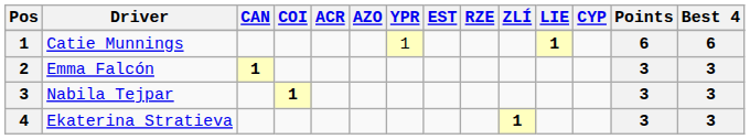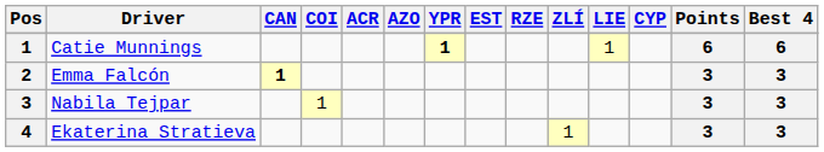 <table class="wikitable" style="font-size: 85%; text-align: center;">
 <tr valign="top">
 <th valign="middle">Pos</th>
 <th valign="middle">Driver</th>
 <th><a href='#'>CAN</a><br></th>
 <th><a href='#'>COI</a><br></th>
 <th><a href='#'>ACR</a><br></th>
 <th><a href='#'>AZO</a><br></th>
 <th><a href='#'>YPR</a><br></th>
 <th><a href='#'>EST</a><br></th>
 <th><a href='#'>RZE</a><br></th>
 <th><a href='#'>ZLÍ</a><br></th>
 <th><a href='#'>LIE</a><br></th>
 <th><a href='#'>CYP</a><br></th>
 <th valign="middle">Points</th>
 <th valign="middle">Best 4</th>
 </tr>
 <tr>
 </tr>
 <tr>
 <th>1</th>
 <td align=left> <a href='#'>Catie Munnings</a></td>
 <td></td>
 <td></td>
 <td></td>
 <td></td>
-<td style="background:#ffffbf;">1</td>
+<td style="background:#ffffbf;"><strong>1</strong></td>
 <td></td>
 <td></td>
 <td></td>
-<td style="background:#ffffbf;"><strong>1</strong></td>
+<td style="background:#ffffbf;">1</td>
 <td></td>
 <th>6</th>
 <th>6</th>
 </tr>
 <tr>
 <th>2</th>
 <td align=left> <a href='#'>Emma Falcón</a></td>
 <td style="background:#ffffbf;"><strong>1</strong></td>
 <td></td>
 <td></td>
 <td></td>
 <td></td>
 <td></td>
 <td></td>
 <td></td>
 <td></td>
 <td></td>
 <th>3</th>
 <th>3</th>
 </tr>
 <tr>
 <th>3</th>
 <td align=left> <a href='#'>Nabila Tejpar</a></td>
 <td></td>
-<td style="background:#ffffbf;"><strong>1</strong></td>
+<td style="background:#ffffbf;">1</td>
 <td></td>
 <td></td>
 <td></td>
 <td></td>
 <td></td>
 <td></td>
 <td></td>
 <td></td>
 <th>3</th>
 <th>3</th>
 </tr>
 <tr>
 <th>4</th>
 <td align=left> <a href='#'>Ekaterina Stratieva</a></td>
 <td></td>
 <td></td>
 <td></td>
 <td></td>
 <td></td>
 <td></td>
 <td></td>
-<td style="background:#ffffbf;"><strong>1</strong></td>
+<td style="background:#ffffbf;">1</td>
 <td></td>
 <td></td>
 <th>3</th>
 <th>3</th>
 </tr>
 </table>
